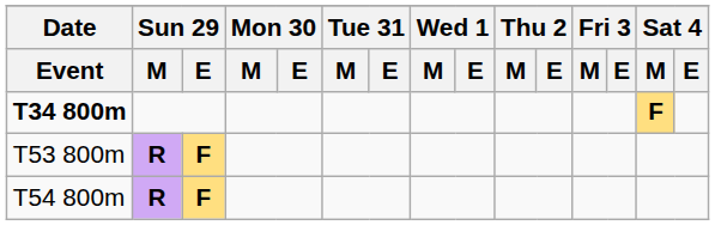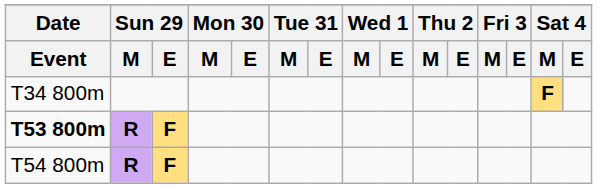 <table class="wikitable" style="margin:0.5em auto; font-size:90%; line-height:1.25em;">
 <tr align="center">
 </tr>
 <tr>
 <th>Date</th>
 <th colspan="2">Sun 29</th>
 <th colspan="2">Mon 30</th>
 <th colspan="2">Tue 31</th>
 <th colspan="2">Wed 1</th>
 <th colspan="2">Thu 2</th>
 <th colspan="2">Fri 3</th>
 <th colspan="2">Sat 4</th>
 </tr>
 <tr>
 <th>Event</th>
 <th>M</th>
 <th>E</th>
 <th>M</th>
 <th>E</th>
 <th>M</th>
 <th>E</th>
 <th>M</th>
 <th>E</th>
 <th>M</th>
 <th>E</th>
 <th>M</th>
 <th>E</th>
 <th>M</th>
 <th>E</th>
 </tr>
 <tr align="center">
-<td align="left"><strong>T34 800m</strong></td>
+<td align="left">T34 800m</td>
 <td colspan="2"></td>
 <td colspan="2"></td>
 <td colspan="2"></td>
 <td colspan="2"></td>
 <td colspan="2"></td>
 <td colspan="2"></td>
 <td bgcolor="#FFDF80"><strong>F</strong></td>
 <td></td>
 </tr>
 <tr align="center">
-<td align="left">T53 800m</td>
+<td align="left"><strong>T53 800m</strong></td>
 <td bgcolor="#D0A9F5"><strong>R</strong></td>
 <td bgcolor="#FFDF80"><strong>F</strong></td>
 <td colspan="2"></td>
 <td colspan="2"></td>
 <td colspan="2"></td>
 <td colspan="2"></td>
 <td colspan="2"></td>
 <td colspan="2"></td>
 </tr>
 <tr align="center">
 <td align="left">T54 800m</td>
 <td bgcolor="#D0A9F5"><strong>R</strong></td>
 <td bgcolor="#FFDF80"><strong>F</strong></td>
 <td colspan="2"></td>
 <td colspan="2"></td>
 <td colspan="2"></td>
 <td colspan="2"></td>
 <td colspan="2"></td>
 <td colspan="2"></td>
 </tr>
 </table>
